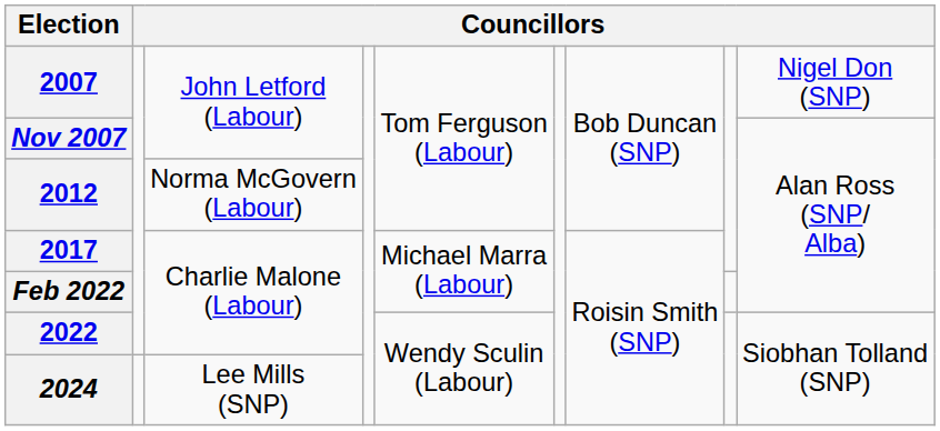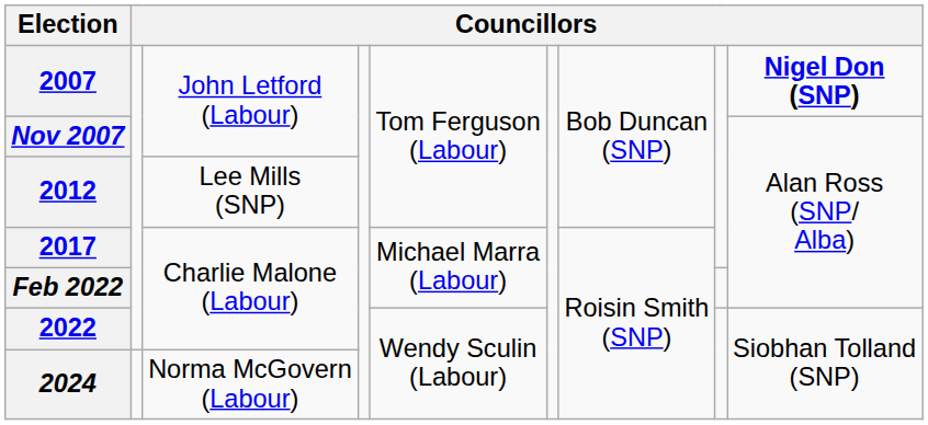 <table class="wikitable" style="text-align:center">
 <tr>
 <th>Election</th>
 <th colspan=8>Councillors</th>
 </tr>
 <tr>
 <th><a href='#'>2007</a></th>
 <td rowspan=6; style="background-color: "></td>
 <td rowspan=2><a href='#'>John Letford</a><br>(<a href='#'>Labour</a>)</td>
 <td rowspan=7; style="background-color: "></td>
 <td rowspan=3>Tom Ferguson<br>(<a href='#'>Labour</a>)</td>
 <td rowspan=7; style="background-color: "></td>
 <td rowspan=3>Bob Duncan<br>(<a href='#'>SNP</a>)</td>
 <td rowspan=4; style="background-color: "></td>
-<td rowspan=1><a href='#'>Nigel Don</a><br>(<a href='#'>SNP</a>)</td>
+<td rowspan=1><strong><a href='#'>Nigel Don</a><br>(<a href='#'>SNP</a>)</strong></td>
 </tr>
 <tr>
 <th><em><a href='#'>Nov 2007</a></em></th>
 <td rowspan=4>Alan Ross<br>(<a href='#'>SNP</a>/<br><a href='#'>Alba</a>)</td>
 </tr>
 <tr>
 <th><a href='#'>2012</a></th>
-<td rowspan=1>Norma McGovern<br>(<a href='#'>Labour</a>)</td>
+<td>Lee Mills<br>(SNP)</td>
 </tr>
 <tr>
 <th><a href='#'>2017</a></th>
 <td rowspan="3">Charlie Malone<br>(<a href='#'>Labour</a>)</td>
 <td rowspan=2>Michael Marra<br>(<a href='#'>Labour</a>)</td>
 <td rowspan=4>Roisin Smith<br>(<a href='#'>SNP</a>)</td>
 </tr>
 <tr>
 <th><em>Feb 2022 </em></th>
 <td rowspan=1; style="background-color: "></td>
 </tr>
 <tr>
 <th><a href='#'>2022</a></th>
 <td rowspan=2>Wendy Sculin<br>(Labour)</td>
 <td rowspan=2; style="background-color: "></td>
 <td rowspan=2>Siobhan Tolland<br>(SNP)</td>
 </tr>
 <tr>
 <th><strong><em>2024</em></strong></th>
 <td style="background-color: "></td>
-<td>Lee Mills<br>(SNP)</td>
+<td rowspan=1>Norma McGovern<br>(<a href='#'>Labour</a>)</td>
 </tr>
 </table>
